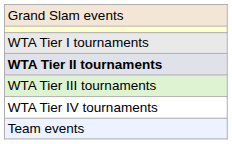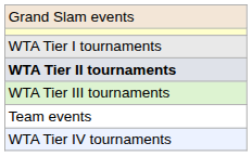 <table class=wikitable style=font-size:90%;width:15%>
 <tr bgcolor=#F3E6D7>
 <td>Grand Slam events</td>
 </tr>
 <tr bgcolor=#FFFFCC>
 <td></td>
 </tr>
 <tr bgcolor=#E9E9E9>
 <td>WTA Tier I tournaments</td>
 </tr>
 <tr bgcolor=#dfe2e9>
 <td><strong>WTA Tier II tournaments</strong></td>
 </tr>
 <tr bgcolor=#DDF3D1>
 <td>WTA Tier III tournaments</td>
 </tr>
 <tr bgcolor=#FFFFFF>
+<td>Team events</td>
+</tr>
+<tr bgcolor=#ECF2FF>
 <td>WTA Tier IV tournaments</td>
 </tr>
-<tr bgcolor=#ECF2FF>
-<td>Team events</td>
-</tr>
 </table>
